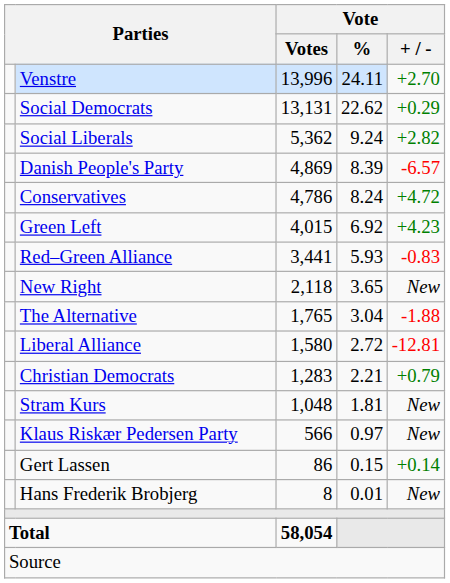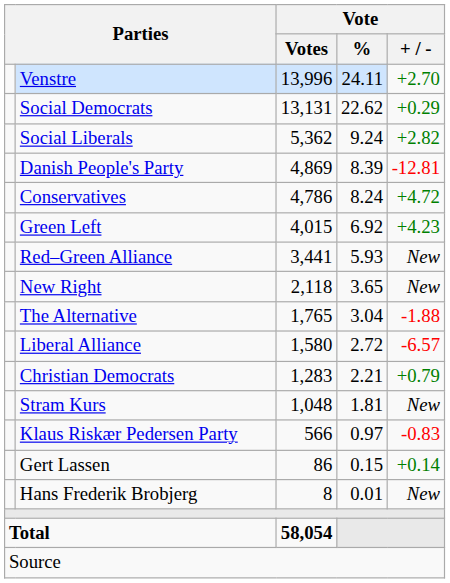 <table class="wikitable" style="text-align:right;">
 <tr>
 <th style="text-align:centre;" rowspan="2" colspan="2" width="225">Parties</th>
 <th colspan="3">Vote</th>
 </tr>
 <tr>
 <th width="15">Votes</th>
 <th width="15">%</th>
 <th width="15">+ / -</th>
 </tr>
 <tr>
 <td width="2" style="color:inherit;background:"></td>
 <td bgcolor=#cfe5fe  align="left"><a href='#'>Venstre</a></td>
 <td bgcolor=#cfe5fe>13,996</td>
 <td bgcolor=#cfe5fe>24.11</td>
 <td style=color:green;>+2.70</td>
 </tr>
 <tr>
 <td width="2" style="color:inherit;background:"></td>
 <td align="left"><a href='#'>Social Democrats</a></td>
 <td>13,131</td>
 <td>22.62</td>
 <td style=color:green;>+0.29</td>
 </tr>
 <tr>
 <td width="2" style="color:inherit;background:"></td>
 <td align="left"><a href='#'>Social Liberals</a></td>
 <td>5,362</td>
 <td>9.24</td>
 <td style=color:green;>+2.82</td>
 </tr>
 <tr>
 <td width="2" style="color:inherit;background:"></td>
 <td align="left"><a href='#'>Danish People's Party</a></td>
 <td>4,869</td>
 <td>8.39</td>
-<td style=color:red;>-6.57</td>
+<td style=color:red;>-12.81</td>
 </tr>
 <tr>
 <td width="2" style="color:inherit;background:"></td>
 <td align="left"><a href='#'>Conservatives</a></td>
 <td>4,786</td>
 <td>8.24</td>
 <td style=color:green;>+4.72</td>
 </tr>
 <tr>
 <td width="2" style="color:inherit;background:"></td>
 <td align="left"><a href='#'>Green Left</a></td>
 <td>4,015</td>
 <td>6.92</td>
 <td style=color:green;>+4.23</td>
 </tr>
 <tr>
 <td width="2" style="color:inherit;background:"></td>
 <td align="left"><a href='#'>Red–Green Alliance</a></td>
 <td>3,441</td>
 <td>5.93</td>
-<td style=color:red;>-0.83</td>
+<td><em>New</em></td>
 </tr>
 <tr>
 <td width="2" style="color:inherit;background:"></td>
 <td align="left"><a href='#'>New Right</a></td>
 <td>2,118</td>
 <td>3.65</td>
 <td><em>New</em></td>
 </tr>
 <tr>
 <td width="2" style="color:inherit;background:"></td>
 <td align="left"><a href='#'>The Alternative</a></td>
 <td>1,765</td>
 <td>3.04</td>
 <td style=color:red;>-1.88</td>
 </tr>
 <tr>
 <td width="2" style="color:inherit;background:"></td>
 <td align="left"><a href='#'>Liberal Alliance</a></td>
 <td>1,580</td>
 <td>2.72</td>
-<td style=color:red;>-12.81</td>
+<td style=color:red;>-6.57</td>
 </tr>
 <tr>
 <td width="2" style="color:inherit;background:"></td>
 <td align="left"><a href='#'>Christian Democrats</a></td>
 <td>1,283</td>
 <td>2.21</td>
 <td style=color:green;>+0.79</td>
 </tr>
 <tr>
 <td width="2" style="color:inherit;background:"></td>
 <td align="left"><a href='#'>Stram Kurs</a></td>
 <td>1,048</td>
 <td>1.81</td>
 <td><em>New</em></td>
 </tr>
 <tr>
 <td width="2" style="color:inherit;background:"></td>
 <td align="left"><a href='#'>Klaus Riskær Pedersen Party</a></td>
 <td>566</td>
 <td>0.97</td>
-<td><em>New</em></td>
+<td style=color:red;>-0.83</td>
 </tr>
 <tr>
 <td width="2" style="color:inherit;background:"></td>
 <td align="left">Gert Lassen</td>
 <td>86</td>
 <td>0.15</td>
 <td style=color:green;>+0.14</td>
 </tr>
 <tr>
 <td width="2" style="color:inherit;background:"></td>
 <td align="left">Hans Frederik Brobjerg</td>
 <td>8</td>
 <td>0.01</td>
 <td><em>New</em></td>
 </tr>
 <tr>
 <td colspan="7" bgcolor="#E9E9E9"></td>
 </tr>
 <tr>
 <td align="left" colspan="2"><strong>Total</strong></td>
 <td><strong>58,054</strong></td>
 <td bgcolor="#E9E9E9" colspan="2"></td>
 </tr>
 <tr>
 <td align="left" colspan="6">Source</td>
 </tr>
 </table>
